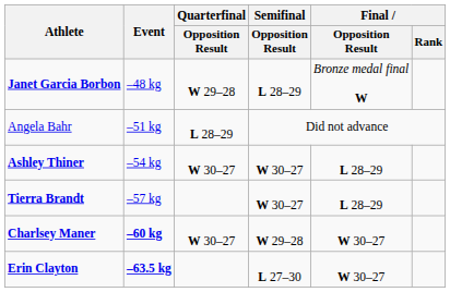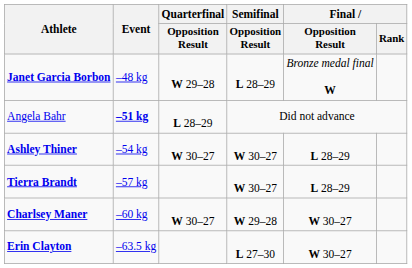 <table class=wikitable style=font-size:90%;text-align:center>
 <tr>
 <th rowspan=2>Athlete</th>
 <th rowspan=2>Event</th>
 <th>Quarterfinal</th>
 <th>Semifinal</th>
 <th colspan=2>Final / </th>
 </tr>
 <tr style=font-size:95%>
 <th>Opposition<br>Result</th>
 <th>Opposition<br>Result</th>
 <th>Opposition<br>Result</th>
 <th>Rank</th>
 </tr>
 <tr>
 <td align=left><strong><a href='#'>Janet Garcia Borbon</a></strong></td>
 <td align=left><a href='#'>–48 kg</a></td>
 <td><br><strong>W</strong> 29–28</td>
 <td><br><strong>L</strong> 28–29</td>
 <td><em>Bronze medal final</em><br><br><strong>W</strong> </td>
 <td></td>
 </tr>
 <tr>
 <td align=left><a href='#'>Angela Bahr</a></td>
-<td align=left><a href='#'>–51 kg</a></td>
+<td align=left><strong><a href='#'>–51 kg</a></strong></td>
 <td><br><strong>L</strong> 28–29</td>
 <td colspan=3>Did not advance</td>
 </tr>
 <tr>
 <td align=left><strong><a href='#'>Ashley Thiner</a></strong></td>
 <td align=left><a href='#'>–54 kg</a></td>
 <td><br><strong>W</strong> 30–27</td>
 <td><br><strong>W</strong> 30–27</td>
 <td><br><strong>L</strong> 28–29</td>
 <td></td>
 </tr>
 <tr>
 <td align=left><strong><a href='#'>Tierra Brandt</a></strong></td>
 <td align=left><a href='#'>–57 kg</a></td>
 <td></td>
 <td><br><strong>W</strong> 30–27</td>
 <td><br><strong>L</strong> 28–29</td>
 <td></td>
 </tr>
 <tr>
 <td align=left><strong><a href='#'>Charlsey Maner</a></strong></td>
-<td align=left><strong><a href='#'>–60 kg</a></strong></td>
+<td align=left><a href='#'>–60 kg</a></td>
 <td><br><strong>W</strong> 30–27</td>
 <td><br><strong>W</strong> 29–28</td>
 <td><br><strong>W</strong> 30–27</td>
 <td></td>
 </tr>
 <tr>
 <td align=left><strong><a href='#'>Erin Clayton</a></strong></td>
-<td align=left><strong><a href='#'>–63.5 kg</a></strong></td>
+<td align=left><a href='#'>–63.5 kg</a></td>
 <td></td>
 <td><br><strong>L</strong> 27–30</td>
 <td><br><strong>W</strong> 30–27</td>
 <td></td>
 </tr>
 </table>
